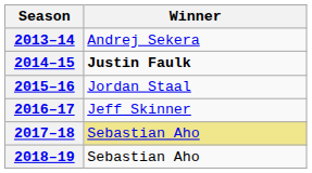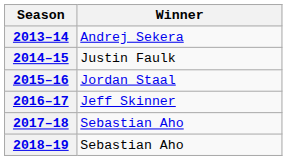 <table class="wikitable">
 <tr>
 <th scope="col" style="width:5em">Season</th>
 <th scope="col" style="width:15em">Winner</th>
 </tr>
 <tr>
 <th scope="row"><a href='#'>2013–14</a></th>
 <td><a href='#'>Andrej Sekera</a></td>
 </tr>
 <tr>
 <th scope="row"><a href='#'>2014–15</a></th>
-<td><strong>Justin Faulk</strong></td>
+<td>Justin Faulk</td>
 </tr>
 <tr>
 <th scope="row"><a href='#'>2015–16</a></th>
 <td><a href='#'>Jordan Staal</a></td>
 </tr>
 <tr>
 <th scope="row"><a href='#'>2016–17</a></th>
 <td><a href='#'>Jeff Skinner</a></td>
 </tr>
 <tr>
 <th scope="row"><a href='#'>2017–18</a></th>
-<td style="background: khaki;"><a href='#'>Sebastian Aho</a></td>
+<td><a href='#'>Sebastian Aho</a></td>
 </tr>
 <tr>
 <th scope="row"><a href='#'>2018–19</a></th>
 <td>Sebastian Aho</td>
 </tr>
 </table>
